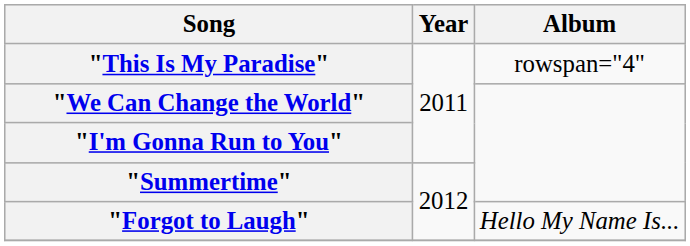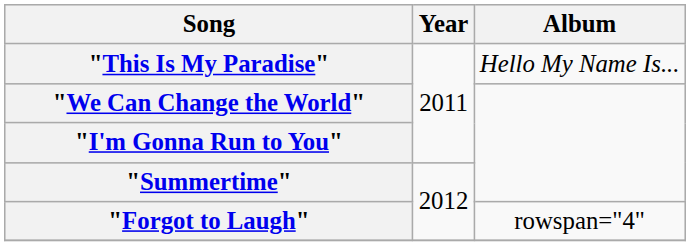 <table class="wikitable plainrowheaders" style="text-align:center;" border="1">
 <tr>
 <th scope="col" style="width:16em;">Song</th>
 <th scope="col">Year</th>
 <th scope="col">Album</th>
 </tr>
 <tr>
 <th scope="row">"<a href='#'>This Is My Paradise</a>"</th>
 <td rowspan="3">2011</td>
-<td>rowspan="4" </td>
+<td><em>Hello My Name Is...</em></td>
 </tr>
 <tr>
 <th scope="row">"<a href='#'>We Can Change the World</a>"</th>
 </tr>
 <tr>
 <th scope="row">"<a href='#'>I'm Gonna Run to You</a>"</th>
 </tr>
 <tr>
 <th scope="row">"<a href='#'>Summertime</a>"</th>
 <td rowspan="2">2012</td>
 </tr>
 <tr>
 <th scope="row">"<a href='#'>Forgot to Laugh</a>"</th>
-<td><em>Hello My Name Is...</em></td>
+<td>rowspan="4" </td>
 </tr>
 <tr>
 </tr>
 </table>
